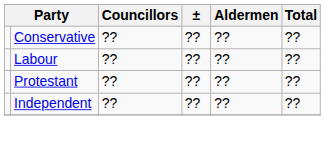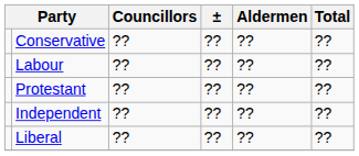 <table class="wikitable">
 <tr>
 <th colspan="2">Party</th>
 <th>Councillors</th>
 <th>  ±  </th>
 <th>Aldermen</th>
 <th>Total</th>
 </tr>
 <tr>
 <td style="background-color: "></td>
 <td><a href='#'>Conservative</a></td>
 <td>??</td>
 <td>??</td>
 <td>??</td>
 <td>??</td>
 </tr>
 <tr>
 <td style="background-color: "></td>
 <td><a href='#'>Labour</a></td>
 <td>??</td>
 <td>??</td>
 <td>??</td>
 <td>??</td>
 </tr>
 <tr>
 <td style="background-color: "></td>
 <td><a href='#'>Protestant</a></td>
 <td>??</td>
 <td>??</td>
 <td>??</td>
 <td>??</td>
 </tr>
 <tr>
 <td style="background-color: "></td>
 <td><a href='#'>Independent</a></td>
 <td>??</td>
 <td>??</td>
 <td>??</td>
 <td>??</td>
 </tr>
 <tr>
+<td style="background-color: "></td>
+<td><a href='#'>Liberal</a></td>
+<td>??</td>
+<td>??</td>
+<td>??</td>
+<td>??</td>
+</tr>
+<tr>
 </tr>
 </table>
